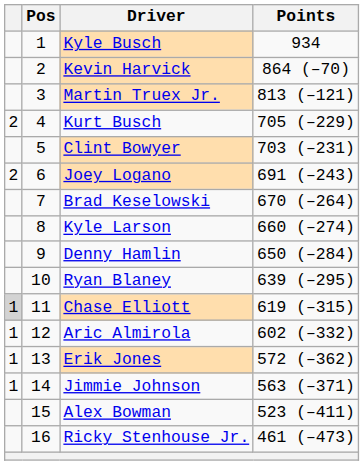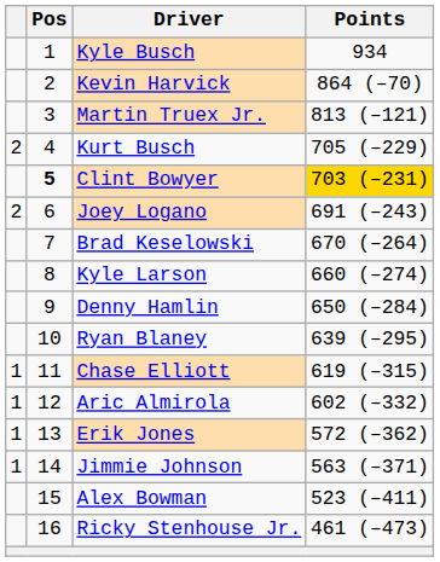 <table class="wikitable" style="font-size: 95%">
 <tr>
 <th></th>
 <th>Pos</th>
 <th>Driver</th>
 <th>Points</th>
 </tr>
 <tr>
 <td align="left"></td>
 <td style="text-align:center;">1</td>
 <td style="background:#FFDEAD;"><a href='#'>Kyle Busch</a></td>
 <td style="text-align:center;">934</td>
 </tr>
 <tr>
 <td align="left"></td>
 <td style="text-align:center;">2</td>
 <td style="background:#FFDEAD;"><a href='#'>Kevin Harvick</a></td>
 <td style="text-align:center;">864 (–70)</td>
 </tr>
 <tr>
 <td align="left"></td>
 <td style="text-align:center;">3</td>
 <td style="background:#FFDEAD;"><a href='#'>Martin Truex Jr.</a></td>
 <td style="text-align:center;">813 (–121)</td>
 </tr>
 <tr>
 <td align="left"> 2</td>
 <td style="text-align:center;">4</td>
 <td><a href='#'>Kurt Busch</a></td>
 <td style="text-align:center;">705 (–229)</td>
 </tr>
 <tr>
 <td align="left"></td>
-<td style="text-align:center;">5</td>
+<td style="text-align:center;"><strong>5</strong></td>
 <td style="background:#FFDEAD;"><a href='#'>Clint Bowyer</a></td>
-<td style="text-align:center;">703 (–231)</td>
+<td style="background: gold; text-align:center;">703 (–231)</td>
 </tr>
 <tr>
 <td align="left"> 2</td>
 <td style="text-align:center;">6</td>
 <td style="background:#FFDEAD;"><a href='#'>Joey Logano</a></td>
 <td style="text-align:center;">691 (–243)</td>
 </tr>
 <tr>
 <td align="left"></td>
 <td style="text-align:center;">7</td>
 <td><a href='#'>Brad Keselowski</a></td>
 <td style="text-align:center;">670 (–264)</td>
 </tr>
 <tr>
 <td align="left"></td>
 <td style="text-align:center;">8</td>
 <td><a href='#'>Kyle Larson</a></td>
 <td style="text-align:center;">660 (–274)</td>
 </tr>
 <tr>
 <td align="left"></td>
 <td style="text-align:center;">9</td>
 <td><a href='#'>Denny Hamlin</a></td>
 <td style="text-align:center;">650 (–284)</td>
 </tr>
 <tr>
 <td align="left"></td>
 <td style="text-align:center;">10</td>
 <td><a href='#'>Ryan Blaney</a></td>
 <td style="text-align:center;">639 (–295)</td>
 </tr>
 <tr>
-<td align="left" style="background: lightgrey;"> 1</td>
+<td align="left"> 1</td>
 <td style="text-align:center;">11</td>
 <td style="background:#FFDEAD;"><a href='#'>Chase Elliott</a></td>
 <td style="text-align:center;">619 (–315)</td>
 </tr>
 <tr>
 <td align="left"> 1</td>
 <td style="text-align:center;">12</td>
 <td><a href='#'>Aric Almirola</a></td>
 <td style="text-align:center;">602 (–332)</td>
 </tr>
 <tr>
 <td align="left"> 1</td>
 <td style="text-align:center;">13</td>
 <td style="background:#FFDEAD;"><a href='#'>Erik Jones</a></td>
 <td style="text-align:center;">572 (–362)</td>
 </tr>
 <tr>
 <td align="left"> 1</td>
 <td style="text-align:center;">14</td>
 <td><a href='#'>Jimmie Johnson</a></td>
 <td style="text-align:center;">563 (–371)</td>
 </tr>
 <tr>
 <td align="left"></td>
 <td style="text-align:center;">15</td>
 <td><a href='#'>Alex Bowman</a></td>
 <td style="text-align:center;">523 (–411)</td>
 </tr>
 <tr>
 <td align="left"></td>
 <td style="text-align:center;">16</td>
 <td><a href='#'>Ricky Stenhouse Jr.</a></td>
 <td style="text-align:center;">461 (–473)</td>
 </tr>
 <tr class="sortbottom">
 <th colspan="9"></th>
 </tr>
 </table>
